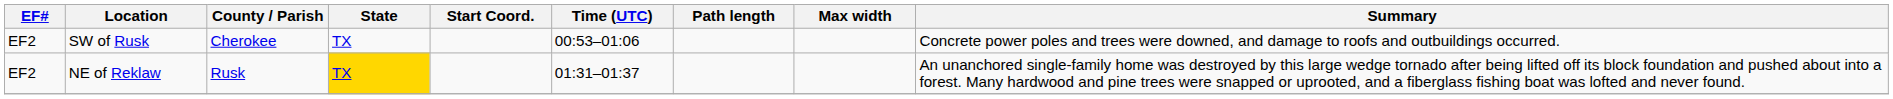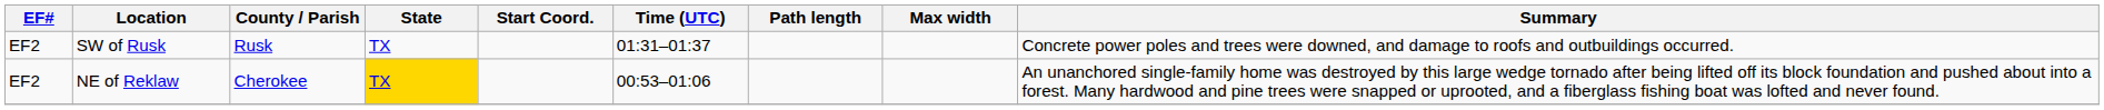 <table class="wikitable sortable" style="width:100%;">
 <tr>
 <th scope="col"  style="width:3%; text-align:center;"><a href='#'>EF#</a></th>
 <th scope="col"  style="width:7%; text-align:center;" class="unsortable">Location</th>
 <th scope="col"  style="width:6%; text-align:center;" class="unsortable">County / Parish</th>
 <th scope="col"  style="width:5%; text-align:center;">State</th>
 <th scope="col"  style="width:6%; text-align:center;">Start Coord.</th>
 <th scope="col"  style="width:6%; text-align:center;">Time (<a href='#'>UTC</a>)</th>
 <th scope="col"  style="width:6%; text-align:center;">Path length</th>
 <th scope="col"  style="width:6%; text-align:center;">Max width</th>
 <th scope="col" class="unsortable" style="width:48%; text-align:center;">Summary</th>
 </tr>
 <tr>
 <td>EF2</td>
 <td>SW of <a href='#'>Rusk</a></td>
-<td><a href='#'>Cherokee</a></td>
+<td><a href='#'>Rusk</a></td>
 <td><a href='#'>TX</a></td>
 <td></td>
-<td>00:53–01:06</td>
+<td>01:31–01:37</td>
 <td></td>
 <td></td>
 <td>Concrete power poles and trees were downed, and damage to roofs and outbuildings occurred.</td>
 </tr>
 <tr>
 <td>EF2</td>
 <td>NE of <a href='#'>Reklaw</a></td>
-<td><a href='#'>Rusk</a></td>
+<td><a href='#'>Cherokee</a></td>
 <td style="background: gold;"><a href='#'>TX</a></td>
 <td></td>
-<td>01:31–01:37</td>
+<td>00:53–01:06</td>
 <td></td>
 <td></td>
 <td>An unanchored single-family home was destroyed by this large wedge tornado after being lifted off its block foundation and pushed about  into a forest. Many hardwood and pine trees were snapped or uprooted, and a fiberglass fishing boat was lofted and never found.</td>
 </tr>
 <tr>
 </tr>
 </table>
